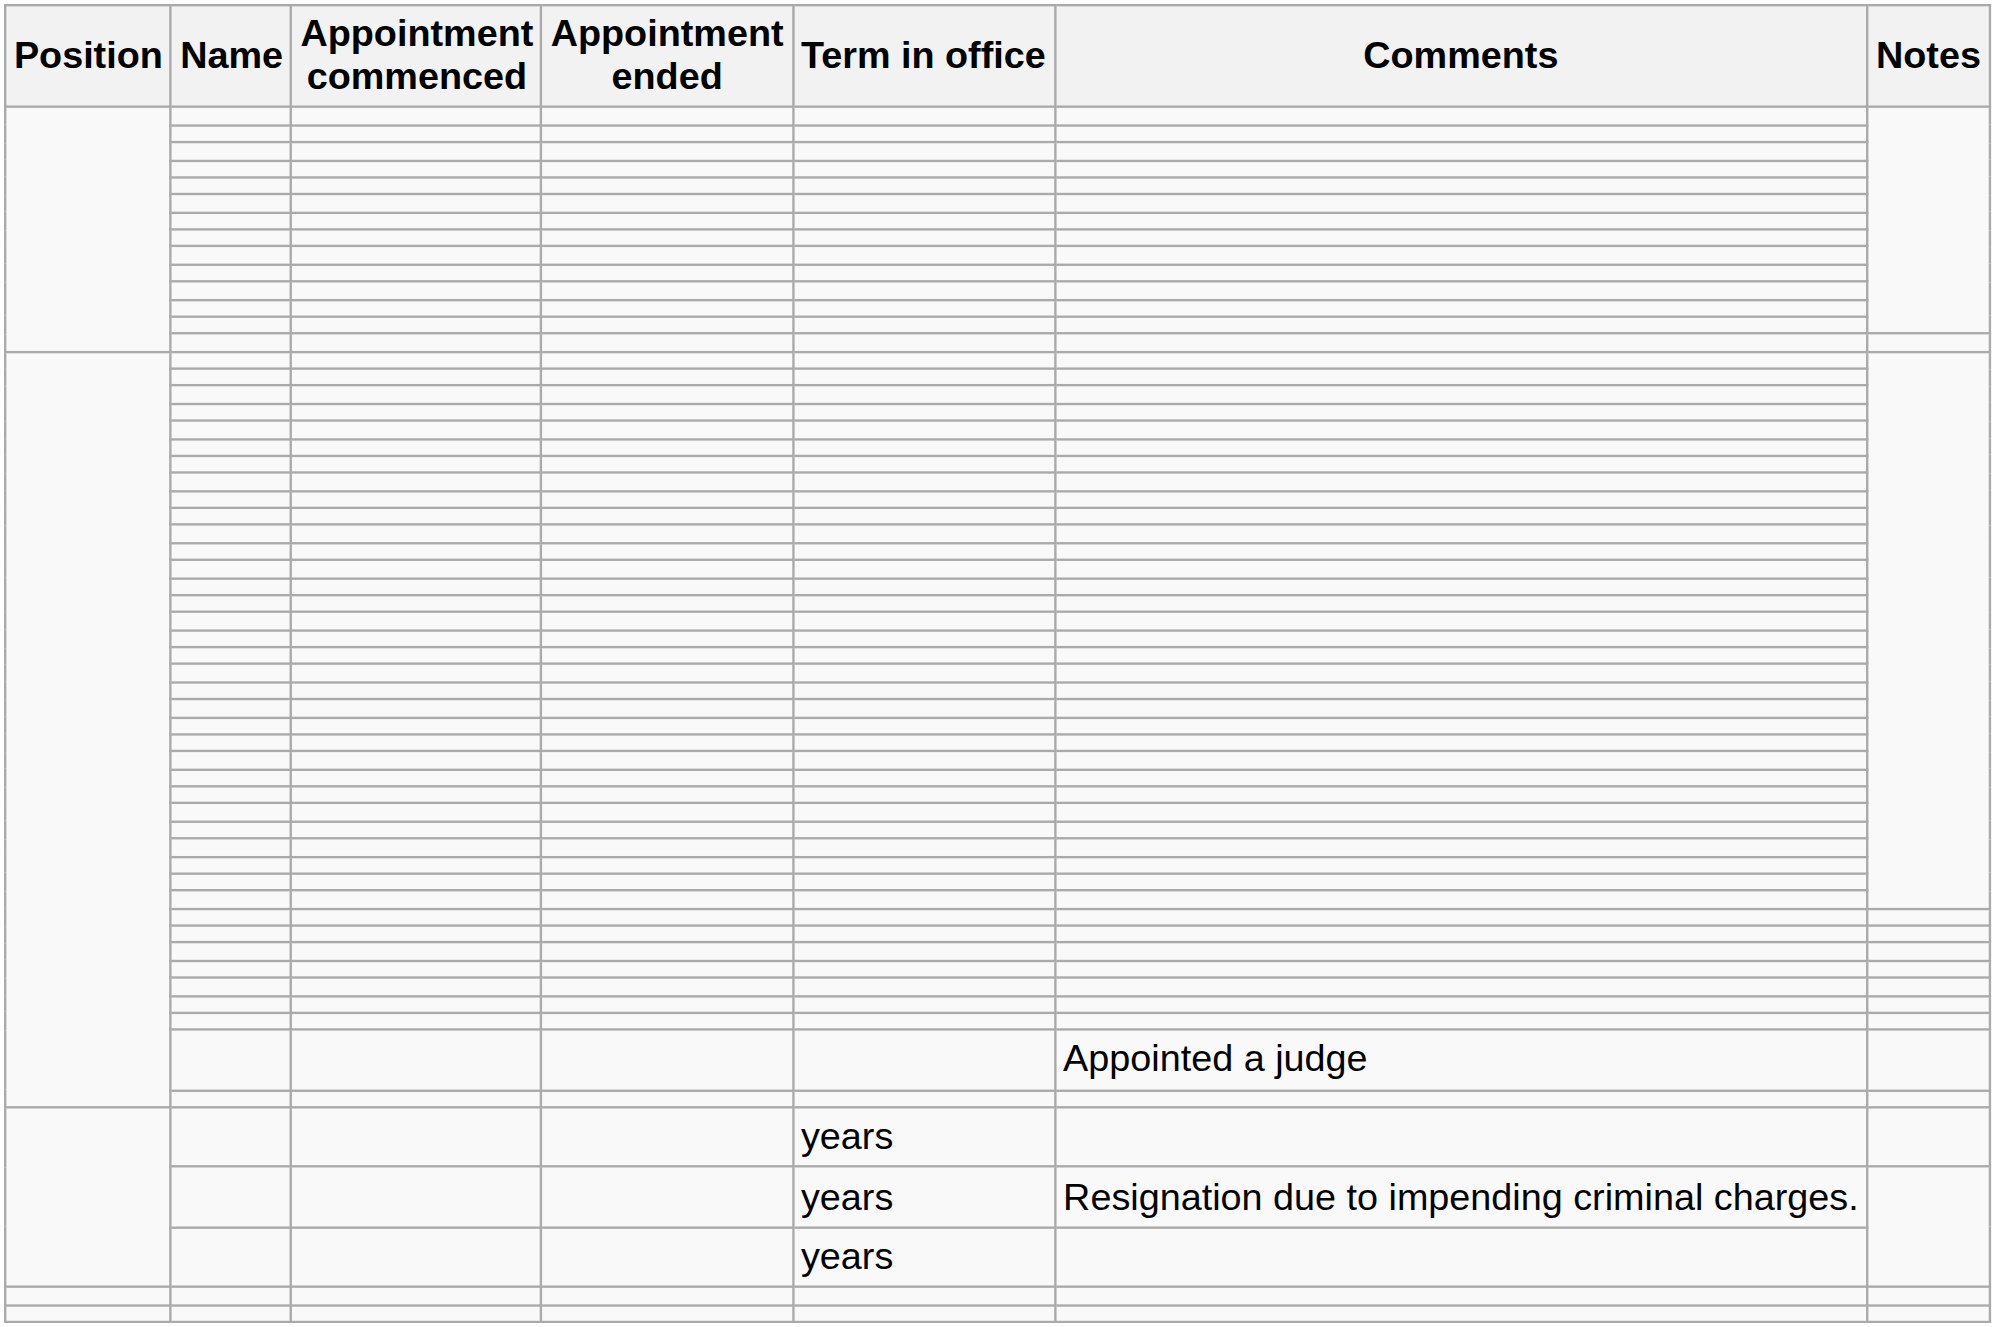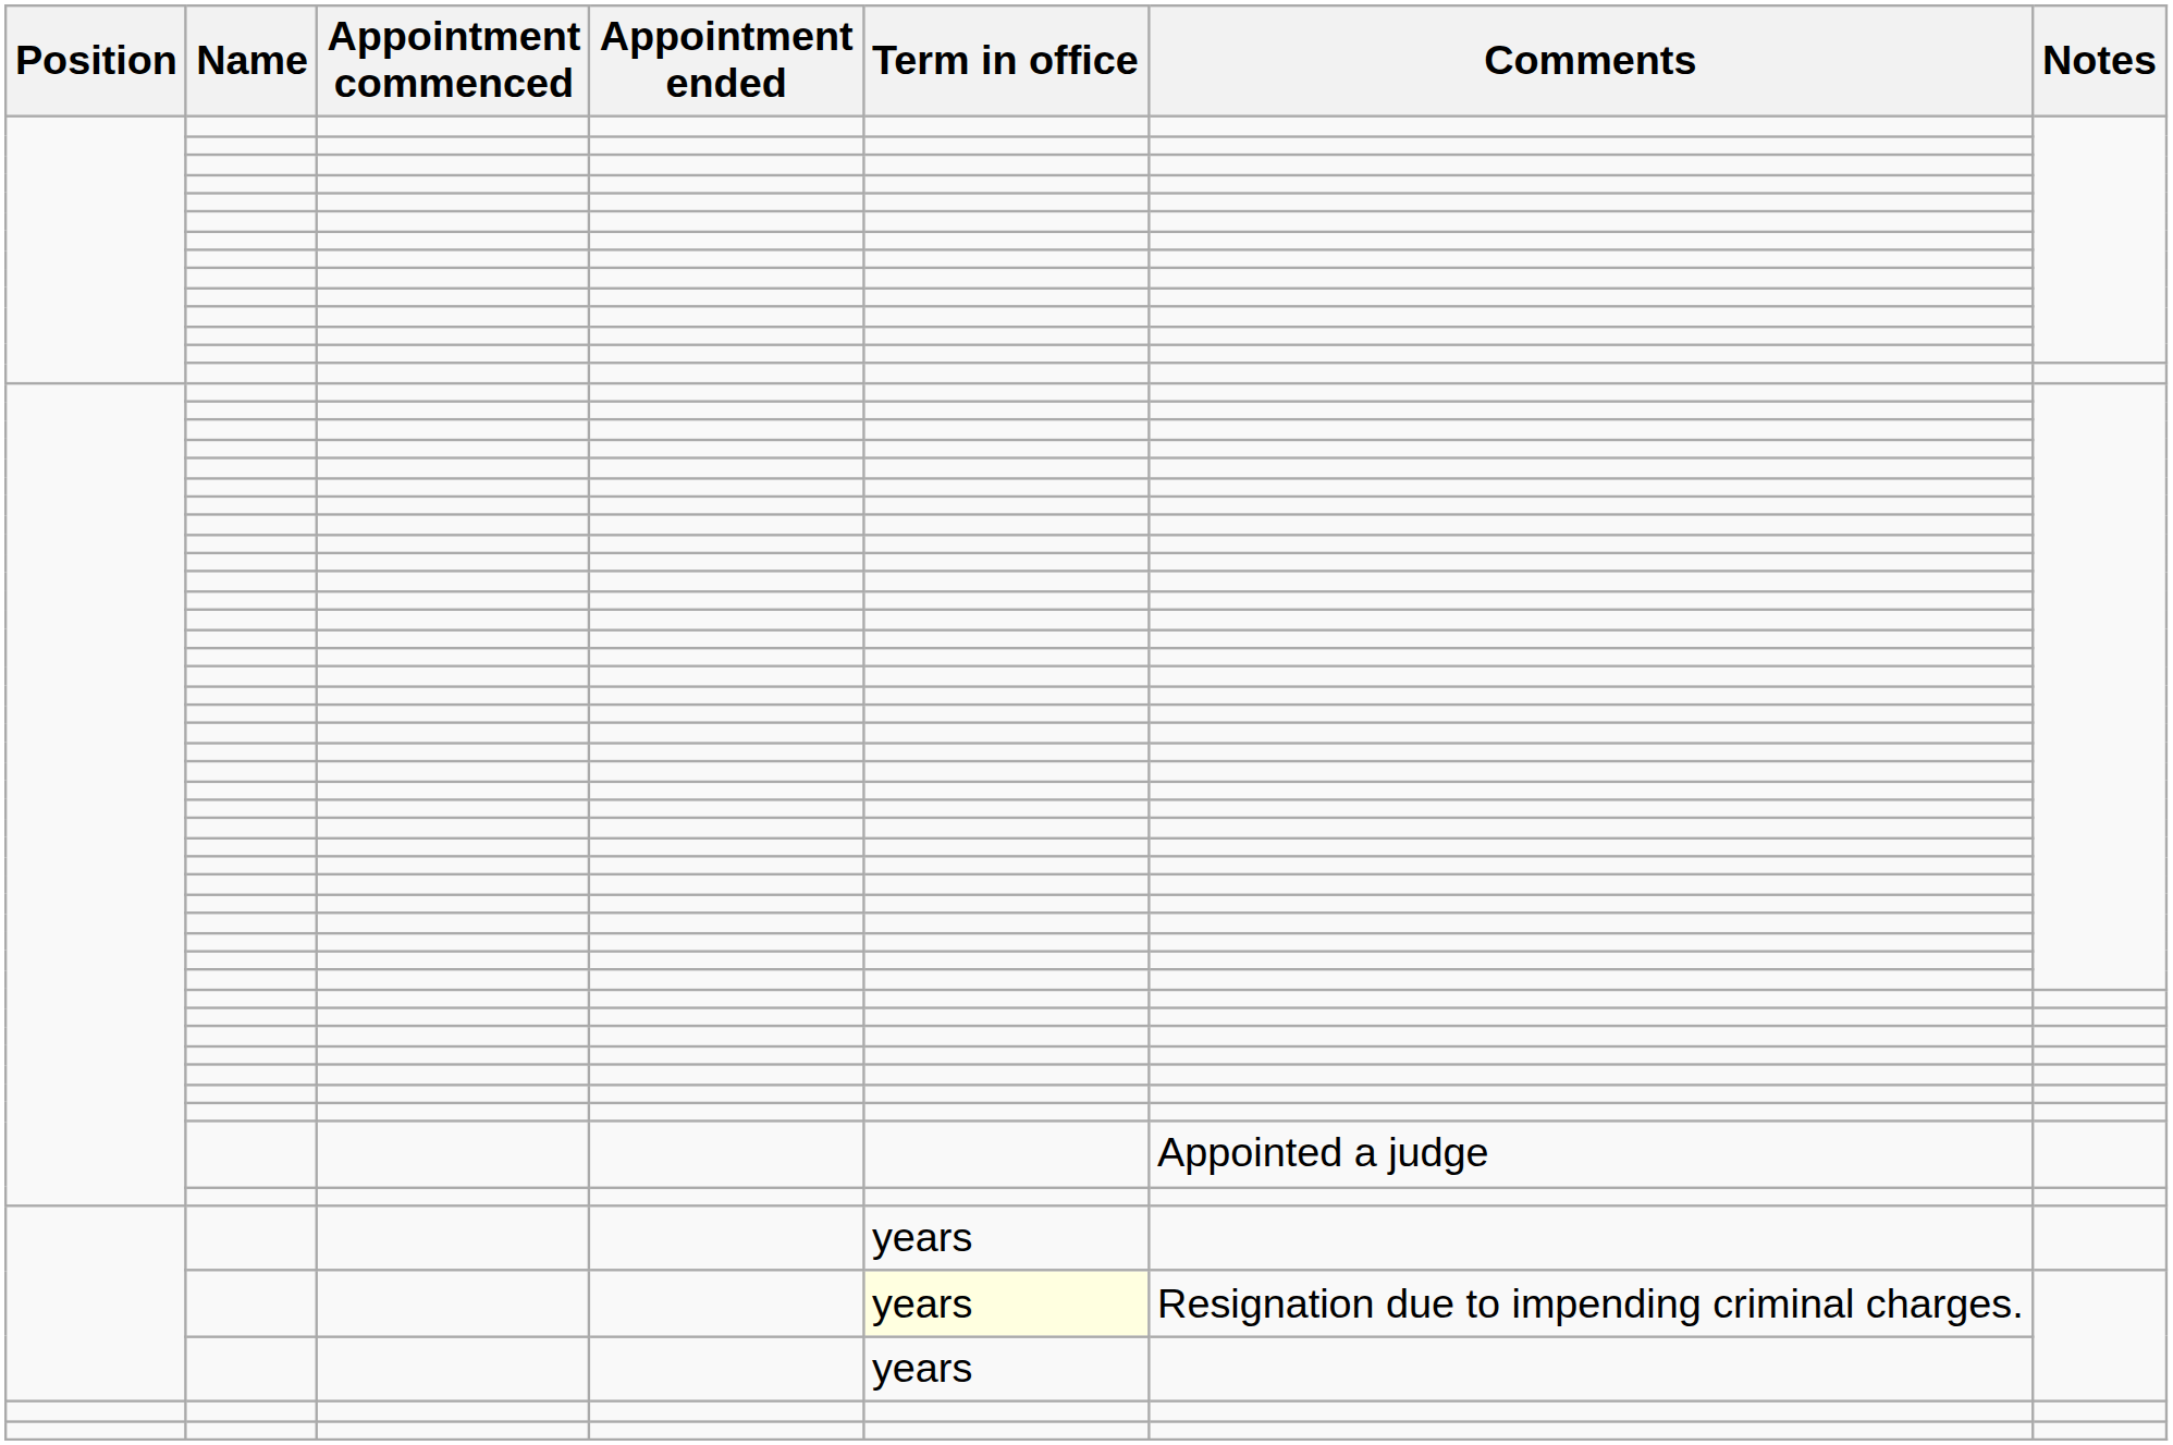 <table class="wikitable sortable" border="1">
 <tr>
 <th>Position</th>
 <th>Name</th>
 <th>Appointment<br>commenced</th>
 <th>Appointment<br>ended</th>
 <th>Term in office</th>
 <th class="unsortable">Comments</th>
 <th class="unsortable">Notes</th>
 </tr>
 <tr style="vertical-align: top;">
 <td rowspan="14"></td>
 <td></td>
 <td></td>
 <td></td>
 <td></td>
 <td></td>
 <td rowspan="13"></td>
 </tr>
 <tr>
 <td></td>
 <td></td>
 <td></td>
 <td></td>
 <td></td>
 </tr>
 <tr>
 <td></td>
 <td></td>
 <td></td>
 <td></td>
 <td></td>
 </tr>
 <tr>
 <td></td>
 <td></td>
 <td></td>
 <td></td>
 <td></td>
 </tr>
 <tr>
 <td></td>
 <td></td>
 <td></td>
 <td></td>
 <td></td>
 </tr>
 <tr>
 <td></td>
 <td></td>
 <td></td>
 <td></td>
 <td></td>
 </tr>
 <tr>
 <td></td>
 <td></td>
 <td></td>
 <td></td>
 <td></td>
 </tr>
 <tr>
 <td></td>
 <td></td>
 <td></td>
 <td></td>
 <td></td>
 </tr>
 <tr>
 <td></td>
 <td></td>
 <td></td>
 <td></td>
 <td></td>
 </tr>
 <tr>
 <td></td>
 <td></td>
 <td></td>
 <td></td>
 <td></td>
 </tr>
 <tr>
 <td></td>
 <td></td>
 <td></td>
 <td></td>
 <td></td>
 </tr>
 <tr>
 <td></td>
 <td></td>
 <td></td>
 <td></td>
 <td></td>
 </tr>
 <tr>
 <td></td>
 <td></td>
 <td></td>
 <td></td>
 <td></td>
 </tr>
 <tr>
 <td></td>
 <td></td>
 <td></td>
 <td></td>
 <td></td>
 <td></td>
 </tr>
 <tr style="vertical-align: top;">
 <td rowspan="41"></td>
 <td></td>
 <td></td>
 <td></td>
 <td></td>
 <td></td>
 <td rowspan="32"></td>
 </tr>
 <tr>
 <td></td>
 <td></td>
 <td></td>
 <td></td>
 <td></td>
 </tr>
 <tr>
 <td></td>
 <td></td>
 <td></td>
 <td></td>
 <td></td>
 </tr>
 <tr>
 <td></td>
 <td></td>
 <td></td>
 <td></td>
 <td></td>
 </tr>
 <tr>
 <td></td>
 <td></td>
 <td></td>
 <td></td>
 <td></td>
 </tr>
 <tr>
 <td></td>
 <td></td>
 <td></td>
 <td></td>
 <td></td>
 </tr>
 <tr>
 <td></td>
 <td></td>
 <td></td>
 <td></td>
 <td></td>
 </tr>
 <tr>
 <td></td>
 <td></td>
 <td></td>
 <td></td>
 <td></td>
 </tr>
 <tr>
 <td></td>
 <td></td>
 <td></td>
 <td></td>
 <td></td>
 </tr>
 <tr>
 <td></td>
 <td></td>
 <td></td>
 <td></td>
 <td></td>
 </tr>
 <tr>
 <td></td>
 <td></td>
 <td></td>
 <td></td>
 <td></td>
 </tr>
 <tr>
 <td></td>
 <td></td>
 <td></td>
 <td></td>
 <td></td>
 </tr>
 <tr>
 <td></td>
 <td></td>
 <td></td>
 <td></td>
 <td></td>
 </tr>
 <tr>
 <td></td>
 <td></td>
 <td></td>
 <td></td>
 <td></td>
 </tr>
 <tr>
 <td></td>
 <td></td>
 <td></td>
 <td></td>
 <td></td>
 </tr>
 <tr>
 <td></td>
 <td></td>
 <td></td>
 <td></td>
 <td></td>
 </tr>
 <tr>
 <td></td>
 <td></td>
 <td></td>
 <td></td>
 <td></td>
 </tr>
 <tr>
 <td></td>
 <td></td>
 <td></td>
 <td></td>
 <td></td>
 </tr>
 <tr>
 <td></td>
 <td></td>
 <td></td>
 <td></td>
 <td></td>
 </tr>
 <tr>
 <td></td>
 <td></td>
 <td></td>
 <td></td>
 <td></td>
 </tr>
 <tr>
 <td></td>
 <td></td>
 <td></td>
 <td></td>
 <td></td>
 </tr>
 <tr>
 <td></td>
 <td></td>
 <td></td>
 <td></td>
 <td></td>
 </tr>
 <tr>
 <td></td>
 <td></td>
 <td></td>
 <td></td>
 <td></td>
 </tr>
 <tr>
 <td></td>
 <td></td>
 <td></td>
 <td></td>
 <td></td>
 </tr>
 <tr>
 <td></td>
 <td></td>
 <td></td>
 <td></td>
 <td></td>
 </tr>
 <tr>
 <td></td>
 <td></td>
 <td></td>
 <td></td>
 <td></td>
 </tr>
 <tr>
 <td></td>
 <td></td>
 <td></td>
 <td></td>
 <td></td>
 </tr>
 <tr>
 <td></td>
 <td></td>
 <td></td>
 <td></td>
 <td></td>
 </tr>
 <tr>
 <td></td>
 <td></td>
 <td></td>
 <td></td>
 <td></td>
 </tr>
 <tr>
 <td></td>
 <td></td>
 <td></td>
 <td></td>
 <td></td>
 </tr>
 <tr>
 <td></td>
 <td></td>
 <td></td>
 <td></td>
 <td></td>
 </tr>
 <tr>
 <td></td>
 <td></td>
 <td></td>
 <td></td>
 <td></td>
 </tr>
 <tr>
 <td></td>
 <td></td>
 <td></td>
 <td></td>
 <td></td>
 <td></td>
 </tr>
 <tr>
 <td></td>
 <td></td>
 <td></td>
 <td></td>
 <td></td>
 <td></td>
 </tr>
 <tr>
 <td></td>
 <td></td>
 <td></td>
 <td></td>
 <td></td>
 <td></td>
 </tr>
 <tr>
 <td></td>
 <td></td>
 <td></td>
 <td></td>
 <td></td>
 <td></td>
 </tr>
 <tr>
 <td></td>
 <td></td>
 <td></td>
 <td></td>
 <td></td>
 <td></td>
 </tr>
 <tr>
 <td></td>
 <td></td>
 <td></td>
 <td></td>
 <td></td>
 <td></td>
 </tr>
 <tr>
 <td></td>
 <td></td>
 <td></td>
 <td></td>
 <td></td>
 <td></td>
 </tr>
 <tr>
 <td></td>
 <td></td>
 <td></td>
 <td></td>
 <td>Appointed a judge</td>
 <td></td>
 </tr>
 <tr>
 <td></td>
 <td></td>
 <td></td>
 <td></td>
 <td></td>
 <td></td>
 </tr>
 <tr>
 <td rowspan="3"></td>
 <td></td>
 <td></td>
 <td></td>
 <td> years</td>
 <td></td>
 <td></td>
 </tr>
 <tr>
 <td></td>
 <td></td>
 <td></td>
-<td> years</td>
+<td style="background: lightyellow;"> years</td>
 <td>Resignation due to impending criminal charges.</td>
 <td rowspan="2"></td>
 </tr>
 <tr>
 <td></td>
 <td></td>
 <td></td>
 <td> years</td>
 <td></td>
 </tr>
 <tr>
 <td> </td>
 <td></td>
 <td></td>
 <td></td>
 <td></td>
 <td></td>
 <td></td>
 </tr>
 <tr>
 <td></td>
 <td></td>
 <td></td>
 <td></td>
 <td></td>
 <td></td>
 <td></td>
 </tr>
 <tr>
 </tr>
 </table>
